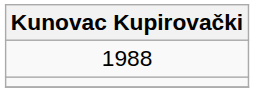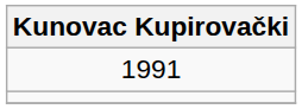 <table class="wikitable" style="margin: 0.5em auto; text-align: center;">
 <tr>
 <th colspan="1">Kunovac Kupirovački</th>
 </tr>
 <tr>
-<td>1988</td>
+<td>1991</td>
 </tr>
 <tr>
 <td></td>
 </tr>
 <tr>
 </tr>
 </table>
